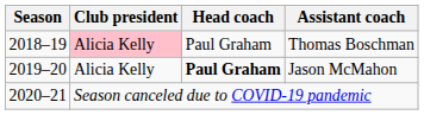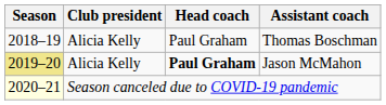 <table class="wikitable">
 <tr>
 <th>Season</th>
 <th>Club president</th>
 <th>Head coach</th>
 <th>Assistant coach</th>
 </tr>
 <tr>
 <td>2018–19</td>
-<td style="background: pink;">Alicia Kelly</td>
+<td>Alicia Kelly</td>
 <td>Paul Graham</td>
 <td>Thomas Boschman</td>
 </tr>
 <tr>
-<td>2019–20</td>
+<td style="background: khaki;">2019–20</td>
 <td>Alicia Kelly</td>
 <td><strong>Paul Graham</strong></td>
 <td>Jason McMahon</td>
 </tr>
 <tr>
-<td>2020–21</td>
+<td style="background: lightyellow;">2020–21</td>
 <td colspan="3"><em>Season canceled due to <a href='#'>COVID-19 pandemic</a></em></td>
 </tr>
 </table>
